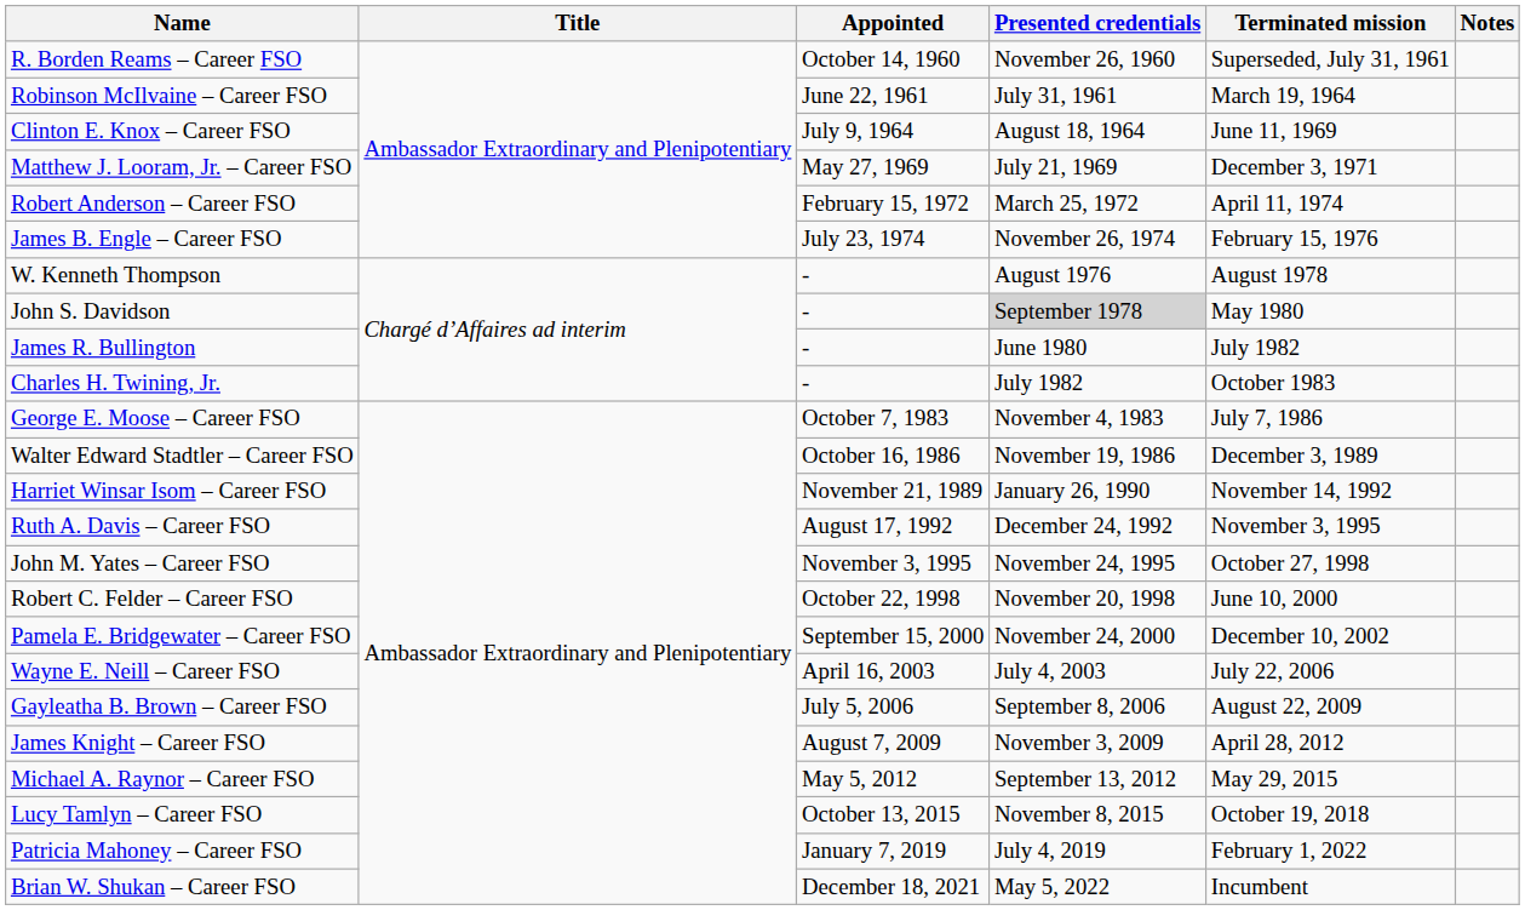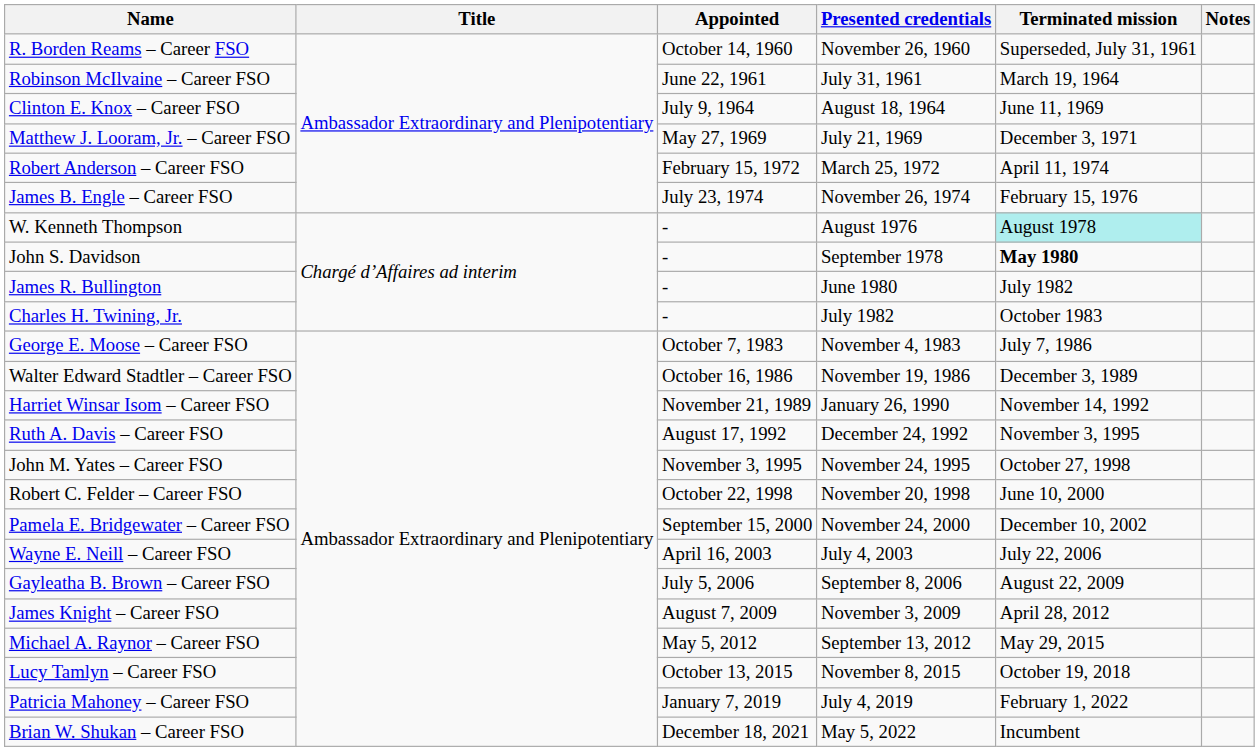 <table class="wikitable">
 <tr>
 <th>Name</th>
 <th>Title</th>
 <th>Appointed</th>
 <th><a href='#'>Presented credentials</a></th>
 <th>Terminated mission</th>
 <th>Notes</th>
 </tr>
 <tr>
 <td><a href='#'>R. Borden Reams</a> – Career <a href='#'>FSO</a></td>
 <td rowspan="6"><a href='#'>Ambassador Extraordinary and Plenipotentiary</a></td>
 <td>October 14, 1960</td>
 <td>November 26, 1960</td>
 <td>Superseded, July 31, 1961</td>
 <td></td>
 </tr>
 <tr>
 <td><a href='#'>Robinson McIlvaine</a> – Career FSO</td>
 <td>June 22, 1961</td>
 <td>July 31, 1961</td>
 <td>March 19, 1964</td>
 <td></td>
 </tr>
 <tr>
 <td><a href='#'>Clinton E. Knox</a> – Career FSO</td>
 <td>July 9, 1964</td>
 <td>August 18, 1964</td>
 <td>June 11, 1969</td>
 <td></td>
 </tr>
 <tr>
 <td><a href='#'>Matthew J. Looram, Jr.</a> – Career FSO</td>
 <td>May 27, 1969</td>
 <td>July 21, 1969</td>
 <td>December 3, 1971</td>
 <td></td>
 </tr>
 <tr>
 <td><a href='#'>Robert Anderson</a> – Career FSO</td>
 <td>February 15, 1972</td>
 <td>March 25, 1972</td>
 <td>April 11, 1974</td>
 <td></td>
 </tr>
 <tr>
 <td><a href='#'>James B. Engle</a> – Career FSO</td>
 <td>July 23, 1974</td>
 <td>November 26, 1974</td>
 <td>February 15, 1976</td>
 <td></td>
 </tr>
 <tr>
 <td>W. Kenneth Thompson</td>
 <td rowspan="4"><em>Chargé d’Affaires ad interim</em></td>
 <td>-</td>
 <td>August 1976</td>
-<td>August 1978</td>
+<td style="background: paleturquoise;">August 1978</td>
 <td></td>
 </tr>
 <tr>
 <td>John S. Davidson</td>
 <td>-</td>
-<td style="background: lightgrey;">September 1978</td>
-<td>May 1980</td>
+<td>September 1978</td>
+<td><strong>May 1980</strong></td>
 <td></td>
 </tr>
 <tr>
 <td><a href='#'>James R. Bullington</a></td>
 <td>-</td>
 <td>June 1980</td>
 <td>July 1982</td>
 <td></td>
 </tr>
 <tr>
 <td><a href='#'>Charles H. Twining, Jr.</a></td>
 <td>-</td>
 <td>July 1982</td>
 <td>October 1983</td>
 <td></td>
 </tr>
 <tr>
 <td><a href='#'>George E. Moose</a> – Career FSO</td>
 <td rowspan=14>Ambassador Extraordinary and Plenipotentiary</td>
 <td>October 7, 1983</td>
 <td>November 4, 1983</td>
 <td>July 7, 1986</td>
 <td></td>
 </tr>
 <tr>
 <td>Walter Edward Stadtler – Career FSO</td>
 <td>October 16, 1986</td>
 <td>November 19, 1986</td>
 <td>December 3, 1989</td>
 <td></td>
 </tr>
 <tr>
 <td><a href='#'>Harriet Winsar Isom</a> – Career FSO</td>
 <td>November 21, 1989</td>
 <td>January 26, 1990</td>
 <td>November 14, 1992</td>
 <td></td>
 </tr>
 <tr>
 <td><a href='#'>Ruth A. Davis</a> – Career FSO</td>
 <td>August 17, 1992</td>
 <td>December 24, 1992</td>
 <td>November 3, 1995</td>
 <td></td>
 </tr>
 <tr>
 <td>John M. Yates – Career FSO</td>
 <td>November 3, 1995</td>
 <td>November 24, 1995</td>
 <td>October 27, 1998</td>
 <td></td>
 </tr>
 <tr>
 <td>Robert C. Felder – Career FSO</td>
 <td>October 22, 1998</td>
 <td>November 20, 1998</td>
 <td>June 10, 2000</td>
 <td></td>
 </tr>
 <tr>
 <td><a href='#'>Pamela E. Bridgewater</a> – Career FSO</td>
 <td>September 15, 2000</td>
 <td>November 24, 2000</td>
 <td>December 10, 2002</td>
 <td></td>
 </tr>
 <tr>
 <td><a href='#'>Wayne E. Neill</a> – Career FSO</td>
 <td>April 16, 2003</td>
 <td>July 4, 2003</td>
 <td>July 22, 2006</td>
 <td></td>
 </tr>
 <tr>
 <td><a href='#'>Gayleatha B. Brown</a> – Career FSO</td>
 <td>July 5, 2006</td>
 <td>September 8, 2006</td>
 <td>August 22, 2009</td>
 <td></td>
 </tr>
 <tr>
 <td><a href='#'>James Knight</a> – Career FSO</td>
 <td>August 7, 2009 </td>
 <td>November 3, 2009</td>
 <td>April 28, 2012</td>
 <td></td>
 </tr>
 <tr>
 <td><a href='#'>Michael A. Raynor</a> – Career FSO</td>
 <td>May 5, 2012</td>
 <td>September 13, 2012</td>
 <td>May 29, 2015</td>
 <td></td>
 </tr>
 <tr>
 <td><a href='#'>Lucy Tamlyn</a> – Career FSO</td>
 <td>October 13, 2015</td>
 <td>November 8, 2015</td>
 <td>October 19, 2018</td>
 <td></td>
 </tr>
 <tr>
 <td><a href='#'>Patricia Mahoney</a> – Career FSO</td>
 <td>January 7, 2019</td>
 <td>July 4, 2019</td>
 <td>February 1, 2022</td>
 <td></td>
 </tr>
 <tr>
 <td><a href='#'>Brian W. Shukan</a> – Career FSO</td>
 <td>December 18, 2021</td>
 <td>May 5, 2022</td>
 <td>Incumbent</td>
 <td></td>
 </tr>
 </table>
